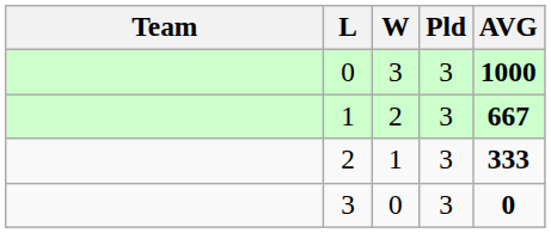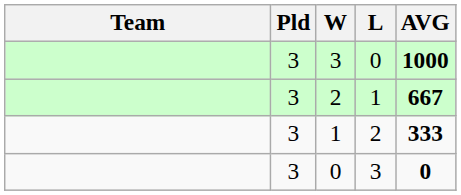 <table class="wikitable" style="text-align:center;">
 <tr>
 <th width=175>Team</th>
+<th width=20 abbr="Played">Pld</th>
+<th width=20 abbr="Won">W</th>
 <th width=20 abbr="Lost">L</th>
-<th width=20 abbr="Won">W</th>
-<th width=20 abbr="Played">Pld</th>
 <th width=30 abbr="Average">AVG</th>
 </tr>
 <tr style="background:#ccffcc">
 <td align=left></td>
-<td>0</td>
 <td>3</td>
 <td>3</td>
+<td>0</td>
 <td><strong>1000</strong></td>
 </tr>
 <tr style="background:#ccffcc">
 <td align=left></td>
+<td>3</td>
+<td>2</td>
 <td>1</td>
-<td>2</td>
-<td>3</td>
 <td><strong>667</strong></td>
 </tr>
 <tr>
 <td align=left></td>
+<td>3</td>
+<td>1</td>
 <td>2</td>
-<td>1</td>
-<td>3</td>
 <td><strong>333</strong></td>
 </tr>
 <tr>
 <td align=left></td>
 <td>3</td>
 <td>0</td>
 <td>3</td>
 <td><strong>0</strong></td>
 </tr>
 </table>
